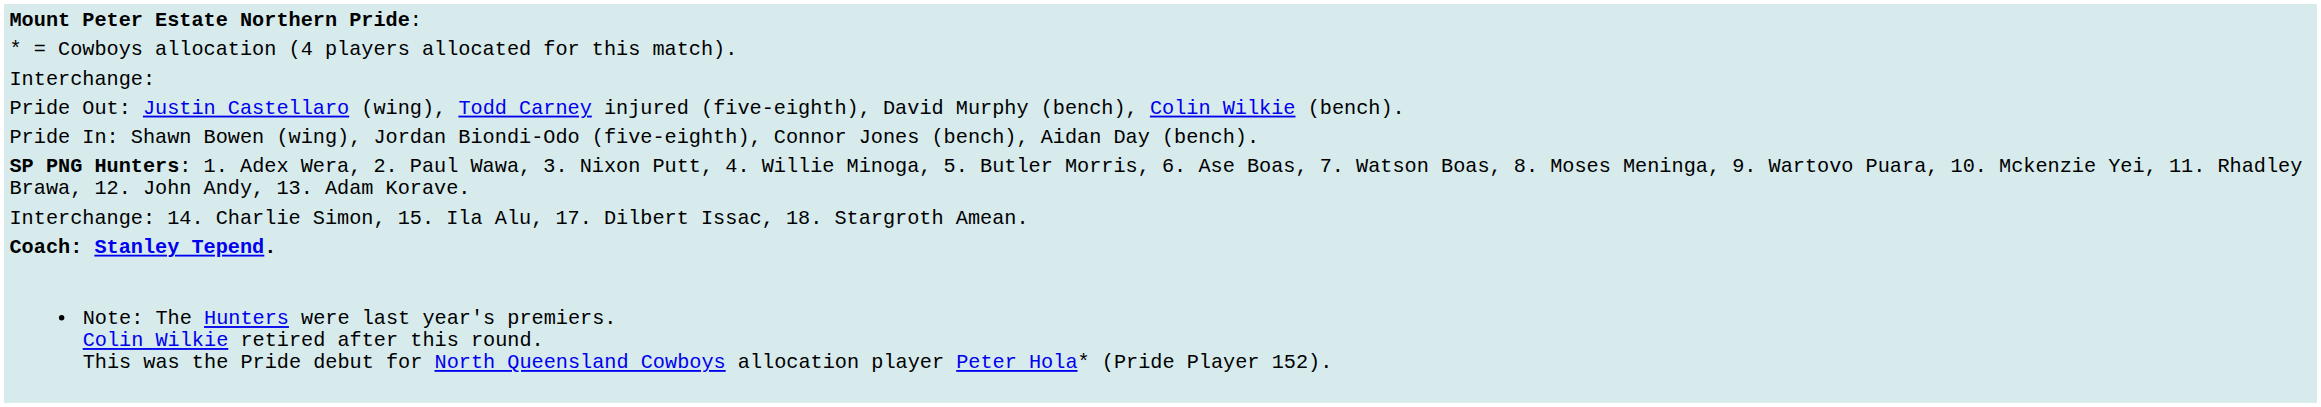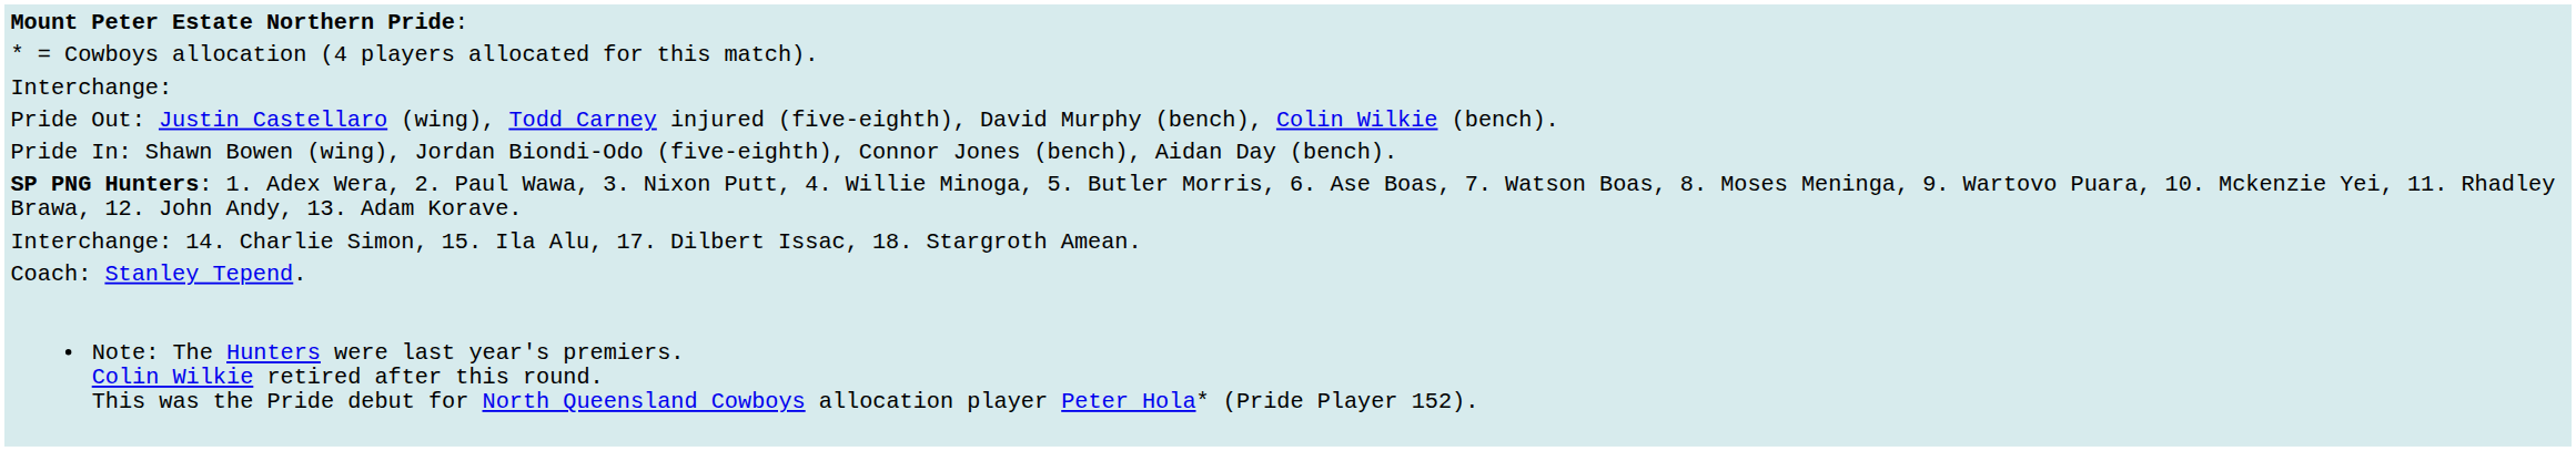 <table style="background:#d7ebed; font-size:85%; width:100%;">
 <tr>
 <td><strong>Mount Peter Estate Northern Pride</strong>:             </td>
 </tr>
 <tr>
 <td>* = Cowboys allocation (4 players allocated for this match).</td>
 </tr>
 <tr>
 <td>Interchange:    </td>
 </tr>
 <tr>
 <td>Pride Out: <a href='#'>Justin Castellaro</a> (wing), <a href='#'>Todd Carney</a> injured (five-eighth), David Murphy (bench), <a href='#'>Colin Wilkie</a> (bench).</td>
 </tr>
 <tr>
 <td>Pride In: Shawn Bowen (wing), Jordan Biondi-Odo (five-eighth), Connor Jones (bench), Aidan Day (bench).</td>
 </tr>
 <tr>
 <td><strong>SP PNG Hunters</strong>: 1. Adex Wera, 2. Paul Wawa, 3. Nixon Putt, 4. Willie Minoga, 5. Butler Morris, 6. Ase Boas, 7. Watson Boas, 8. Moses Meninga, 9. Wartovo Puara, 10. Mckenzie Yei, 11. Rhadley Brawa, 12. John Andy, 13. Adam Korave.</td>
 </tr>
 <tr>
 <td>Interchange: 14. Charlie Simon, 15. Ila Alu, 17. Dilbert Issac, 18. Stargroth Amean.</td>
 </tr>
 <tr>
-<td><strong>Coach: <a href='#'>Stanley Tepend</a>.</strong></td>
+<td>Coach: <a href='#'>Stanley Tepend</a>.</td>
 </tr>
 <tr>
 <td><br><ul><li>Note: The <a href='#'>Hunters</a> were last year's premiers.<br><a href='#'>Colin Wilkie</a> retired after this round.<br>This was the Pride debut for <a href='#'>North Queensland Cowboys</a> allocation player <a href='#'>Peter Hola</a>* (Pride Player 152).</li></ul></td>
 </tr>
 <tr>
 </tr>
 </table>
